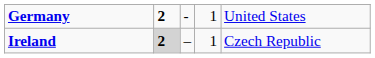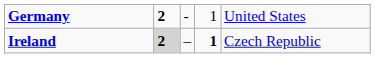 <table class="wikitable">
 <tr>
 <td width=150> <strong><a href='#'>Germany</a></strong></td>
 <td style="width:20px; text-align:left;"><strong>2</strong></td>
 <td>-</td>
 <td style="width:20px; text-align:right;">1</td>
 <td width=150> <a href='#'>United States</a></td>
 </tr>
 <tr>
 <td> <strong><a href='#'>Ireland</a></strong></td>
 <td style="background: lightgrey; text-align:left;"><strong>2</strong></td>
 <td>–</td>
-<td style="text-align:right;">1</td>
+<td style="text-align:right;"><strong>1</strong></td>
 <td> <a href='#'>Czech Republic</a></td>
 </tr>
 </table>
